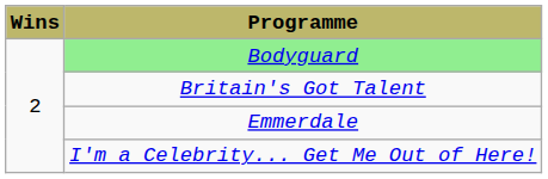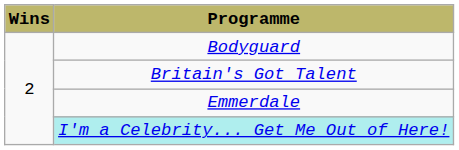 <table class="wikitable" style="text-align:center;">
 <tr>
 <th style="background:#BDB76B;">Wins</th>
 <th style="background:#BDB76B;">Programme</th>
 </tr>
 <tr>
 <td rowspan="4">2</td>
-<td style="background: lightgreen;"><em><a href='#'>Bodyguard</a></em></td>
+<td><em><a href='#'>Bodyguard</a></em></td>
 </tr>
 <tr>
 <td><em><a href='#'>Britain's Got Talent</a></em></td>
 </tr>
 <tr>
 <td><em><a href='#'>Emmerdale</a></em></td>
 </tr>
 <tr>
-<td><em><a href='#'>I'm a Celebrity... Get Me Out of Here!</a></em></td>
+<td style="background: paleturquoise;"><em><a href='#'>I'm a Celebrity... Get Me Out of Here!</a></em></td>
 </tr>
 </table>
